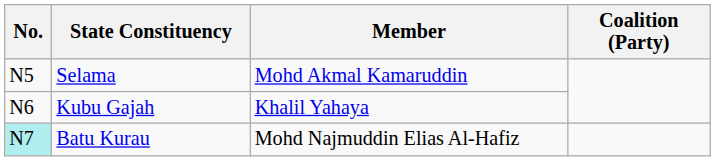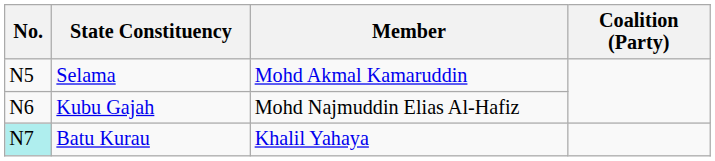 <table class="wikitable">
 <tr>
 <th width="30">No.</th>
 <th width="150">State Constituency</th>
 <th width="245">Member</th>
 <th width="105">Coalition (Party)</th>
 </tr>
 <tr>
 <td>N5</td>
 <td><a href='#'>Selama</a></td>
 <td><a href='#'>Mohd Akmal Kamaruddin</a></td>
 <td rowspan=2></td>
 </tr>
 <tr>
 <td>N6</td>
 <td><a href='#'>Kubu Gajah</a></td>
-<td><a href='#'>Khalil Yahaya</a></td>
+<td>Mohd Najmuddin Elias Al-Hafiz</td>
 </tr>
 <tr>
 <td style="background: paleturquoise;">N7</td>
 <td><a href='#'>Batu Kurau</a></td>
-<td>Mohd Najmuddin Elias Al-Hafiz</td>
+<td><a href='#'>Khalil Yahaya</a></td>
 <td></td>
 </tr>
 </table>
